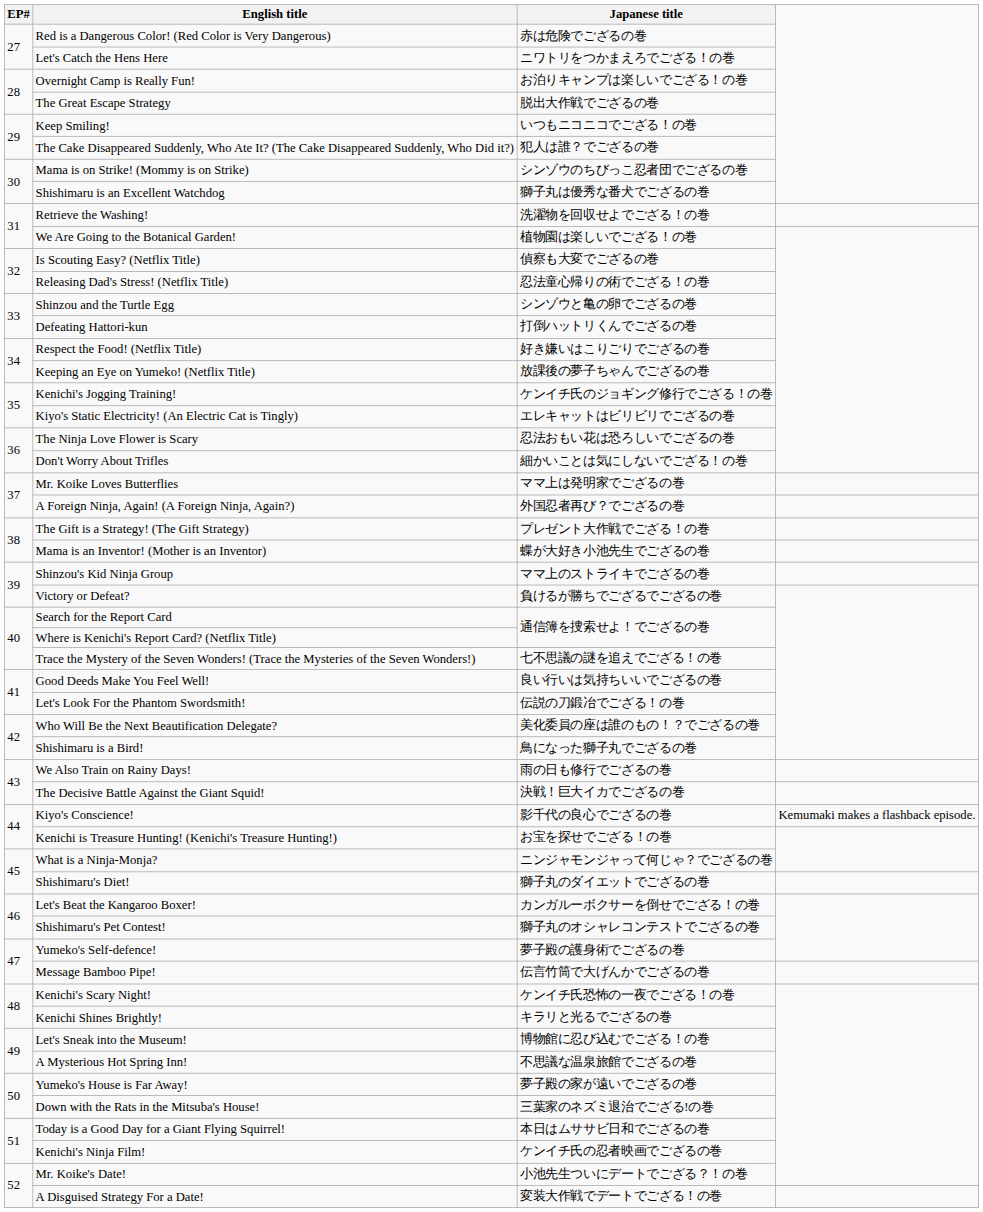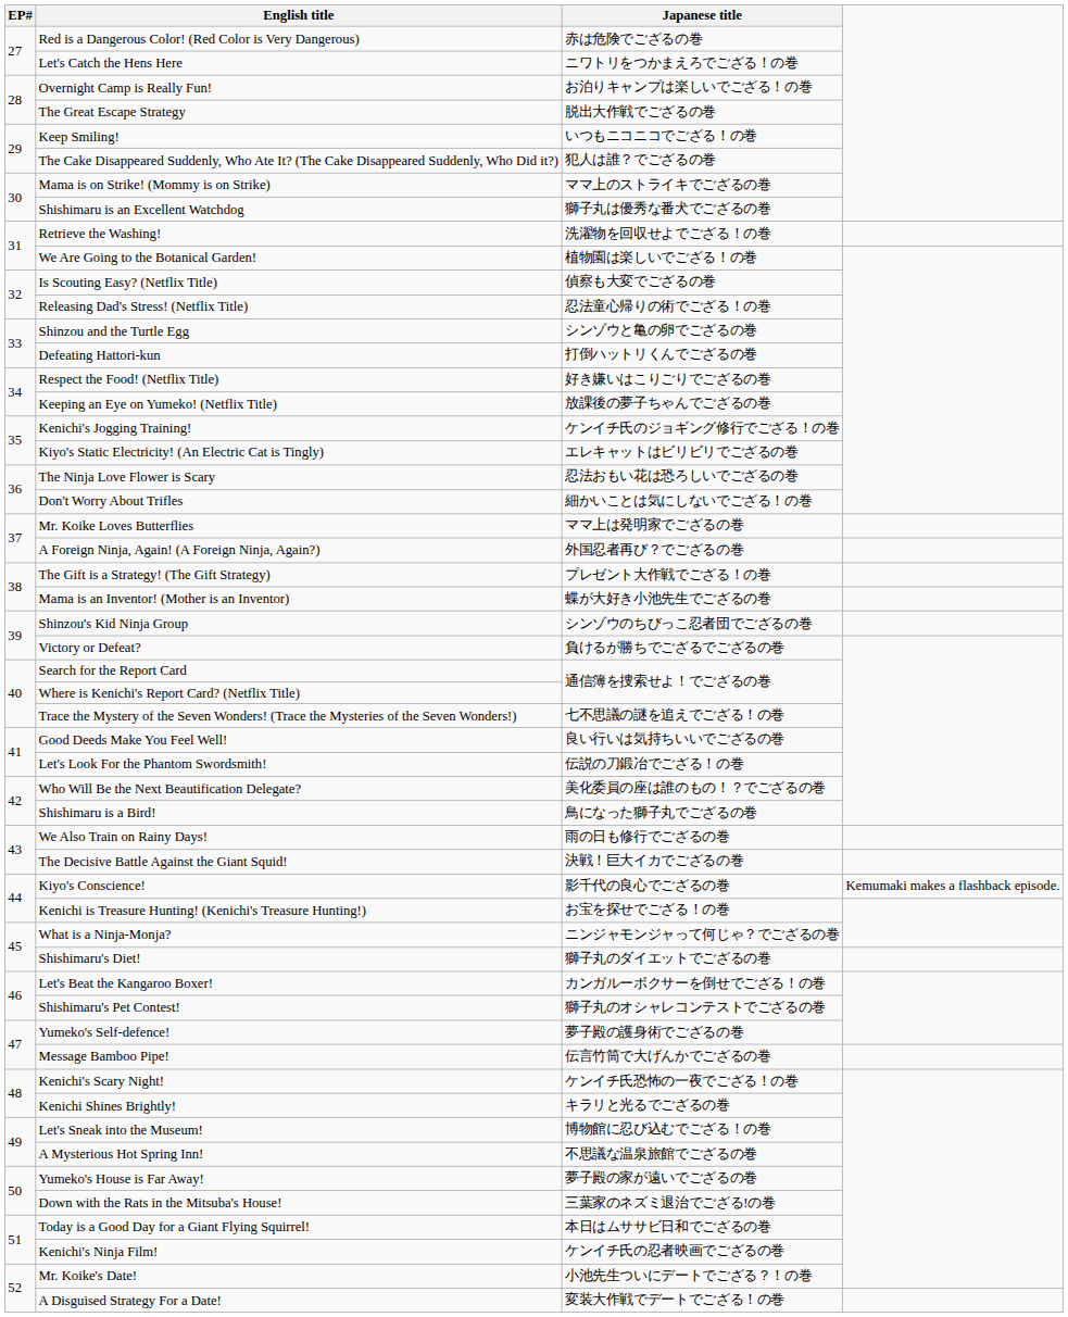 <table class="wikitable">
 <tr>
 <th>EP#</th>
 <th>English title</th>
 <th>Japanese title</th>
 </tr>
 <tr>
 <td rowspan="2">27</td>
 <td>Red is a Dangerous Color! (Red Color is Very Dangerous)</td>
 <td>赤は危険でござるの巻</td>
 </tr>
 <tr>
 <td>Let's Catch the Hens Here</td>
 <td>ニワトリをつかまえろでござる！の巻</td>
 </tr>
 <tr>
 <td rowspan="2">28</td>
 <td>Overnight Camp is Really Fun!</td>
 <td>お泊りキャンプは楽しいでござる！の巻</td>
 </tr>
 <tr>
 <td>The Great Escape Strategy</td>
 <td>脱出大作戦でござるの巻</td>
 </tr>
 <tr>
 <td rowspan="2">29</td>
 <td>Keep Smiling!</td>
 <td>いつもニコニコでござる！の巻</td>
 </tr>
 <tr>
 <td>The Cake Disappeared Suddenly, Who Ate It? (The Cake Disappeared Suddenly, Who Did it?)</td>
 <td>犯人は誰？でござるの巻</td>
 </tr>
 <tr>
 <td rowspan="2">30</td>
 <td>Mama is on Strike! (Mommy is on Strike)</td>
-<td>シンゾウのちびっこ忍者団でござるの巻</td>
+<td>ママ上のストライキでござるの巻</td>
 </tr>
 <tr>
 <td>Shishimaru is an Excellent Watchdog</td>
 <td>獅子丸は優秀な番犬でござるの巻</td>
 </tr>
 <tr>
 <td rowspan="2">31</td>
 <td>Retrieve the Washing!</td>
 <td>洗濯物を回収せよでござる！の巻</td>
 <td></td>
 </tr>
 <tr>
 <td>We Are Going to the Botanical Garden!</td>
 <td>植物園は楽しいでござる！の巻</td>
 </tr>
 <tr>
 <td rowspan="2">32</td>
 <td>Is Scouting Easy? (Netflix Title)</td>
 <td>偵察も大変でござるの巻</td>
 </tr>
 <tr>
 <td>Releasing Dad's Stress! (Netflix Title)</td>
 <td>忍法童心帰りの術でござる！の巻</td>
 </tr>
 <tr>
 <td rowspan="2">33</td>
 <td>Shinzou and the Turtle Egg</td>
 <td>シンゾウと亀の卵でござるの巻</td>
 </tr>
 <tr>
 <td>Defeating Hattori-kun</td>
 <td>打倒ハットリくんでござるの巻</td>
 </tr>
 <tr>
 <td rowspan="2">34</td>
 <td>Respect the Food! (Netflix Title)</td>
 <td>好き嫌いはこりごりでござるの巻</td>
 </tr>
 <tr>
 <td>Keeping an Eye on Yumeko! (Netflix Title)</td>
 <td>放課後の夢子ちゃんでござるの巻</td>
 </tr>
 <tr>
 <td rowspan="2">35</td>
 <td>Kenichi's Jogging Training!</td>
 <td>ケンイチ氏のジョギング修行でござる！の巻</td>
 </tr>
 <tr>
 <td>Kiyo's Static Electricity! (An Electric Cat is Tingly)</td>
 <td>エレキャットはビリビリでござるの巻</td>
 </tr>
 <tr>
 <td rowspan="2">36</td>
 <td>The Ninja Love Flower is Scary</td>
 <td>忍法おもい花は恐ろしいでござるの巻</td>
 </tr>
 <tr>
 <td>Don't Worry About Trifles</td>
 <td>細かいことは気にしないでござる！の巻</td>
 </tr>
 <tr>
 <td rowspan="2">37</td>
 <td>Mr. Koike Loves Butterflies</td>
 <td>ママ上は発明家でござるの巻</td>
 <td></td>
 </tr>
 <tr>
 <td>A Foreign Ninja, Again! (A Foreign Ninja, Again?)</td>
 <td>外国忍者再び？でござるの巻</td>
 </tr>
 <tr>
 <td rowspan="2">38</td>
 <td>The Gift is a Strategy! (The Gift Strategy)</td>
 <td>プレゼント大作戦でござる！の巻</td>
 <td></td>
 </tr>
 <tr>
 <td>Mama is an Inventor! (Mother is an Inventor)</td>
 <td>蝶が大好き小池先生でござるの巻</td>
 </tr>
 <tr>
 <td rowspan="2">39</td>
 <td>Shinzou's Kid Ninja Group</td>
-<td>ママ上のストライキでござるの巻</td>
+<td>シンゾウのちびっこ忍者団でござるの巻</td>
 <td></td>
 </tr>
 <tr>
 <td>Victory or Defeat?</td>
 <td>負けるが勝ちでござるでござるの巻</td>
 </tr>
 <tr>
 <td rowspan="3">40</td>
 <td>Search for the Report Card</td>
 <td rowspan="2">通信簿を捜索せよ！でござるの巻</td>
 </tr>
 <tr>
 <td>Where is Kenichi's Report Card? (Netflix Title)</td>
 </tr>
 <tr>
 <td>Trace the Mystery of the Seven Wonders! (Trace the Mysteries of the Seven Wonders!)</td>
 <td>七不思議の謎を追えでござる！の巻</td>
 </tr>
 <tr>
 <td rowspan="2">41</td>
 <td>Good Deeds Make You Feel Well!</td>
 <td>良い行いは気持ちいいでござるの巻</td>
 </tr>
 <tr>
 <td>Let's Look For the Phantom Swordsmith!</td>
 <td>伝説の刀鍛冶でござる！の巻</td>
 </tr>
 <tr>
 <td rowspan="2">42</td>
 <td>Who Will Be the Next Beautification Delegate?</td>
 <td>美化委員の座は誰のもの！？でござるの巻</td>
 </tr>
 <tr>
 <td>Shishimaru is a Bird!</td>
 <td>鳥になった獅子丸でござるの巻</td>
 </tr>
 <tr>
 <td rowspan="2">43</td>
 <td>We Also Train on Rainy Days!</td>
 <td>雨の日も修行でござるの巻</td>
 <td></td>
 </tr>
 <tr>
 <td>The Decisive Battle Against the Giant Squid!</td>
 <td>決戦！巨大イカでござるの巻</td>
 </tr>
 <tr>
 <td rowspan="2">44</td>
 <td>Kiyo's Conscience!</td>
 <td>影千代の良心でござるの巻</td>
 <td>Kemumaki makes a flashback episode.</td>
 </tr>
 <tr>
 <td>Kenichi is Treasure Hunting! (Kenichi's Treasure Hunting!)</td>
 <td>お宝を探せでござる！の巻</td>
 </tr>
 <tr>
 <td rowspan="2">45</td>
 <td>What is a Ninja-Monja?</td>
 <td>ニンジャモンジャって何じゃ？でござるの巻</td>
 </tr>
 <tr>
 <td>Shishimaru's Diet!</td>
 <td>獅子丸のダイエットでござるの巻</td>
 <td></td>
 </tr>
 <tr>
 <td rowspan="2">46</td>
 <td>Let's Beat the Kangaroo Boxer!</td>
 <td>カンガルーボクサーを倒せでござる！の巻</td>
 </tr>
 <tr>
 <td>Shishimaru's Pet Contest!</td>
 <td>獅子丸のオシャレコンテストでござるの巻</td>
 </tr>
 <tr>
 <td rowspan="2">47</td>
 <td>Yumeko's Self-defence!</td>
 <td>夢子殿の護身術でござるの巻</td>
 </tr>
 <tr>
 <td>Message Bamboo Pipe!</td>
 <td>伝言竹筒で大げんかでござるの巻</td>
 <td></td>
 </tr>
 <tr>
 <td rowspan="2">48</td>
 <td>Kenichi's Scary Night!</td>
 <td>ケンイチ氏恐怖の一夜でござる！の巻</td>
 </tr>
 <tr>
 <td>Kenichi Shines Brightly!</td>
 <td>キラリと光るでござるの巻</td>
 </tr>
 <tr>
 <td rowspan="2">49</td>
 <td>Let's Sneak into the Museum!</td>
 <td>博物館に忍び込むでござる！の巻</td>
 </tr>
 <tr>
 <td>A Mysterious Hot Spring Inn!</td>
 <td>不思議な温泉旅館でござるの巻</td>
 </tr>
 <tr>
 <td rowspan="2">50</td>
 <td>Yumeko's House is Far Away!</td>
 <td>夢子殿の家が遠いでござるの巻</td>
 </tr>
 <tr>
 <td>Down with the Rats in the Mitsuba's House!</td>
 <td>三葉家のネズミ退治でござる!の巻</td>
 </tr>
 <tr>
 <td rowspan="2">51</td>
 <td>Today is a Good Day for a Giant Flying Squirrel!</td>
 <td>本日はムササビ日和でござるの巻</td>
 </tr>
 <tr>
 <td>Kenichi's Ninja Film!</td>
 <td>ケンイチ氏の忍者映画でござるの巻</td>
 </tr>
 <tr>
 <td rowspan="2">52</td>
 <td>Mr. Koike's Date!</td>
 <td>小池先生ついにデートでござる？！の巻</td>
 </tr>
 <tr>
 <td>A Disguised Strategy For a Date!</td>
 <td>変装大作戦でデートでござる！の巻</td>
 <td></td>
 </tr>
 </table>
